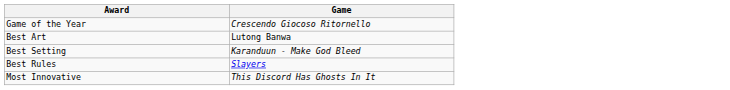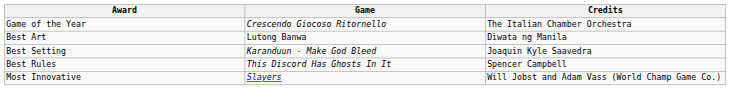 <table class="wikitable sortable" style="margins:auto; width=95%; font-size: 95%;">
 <tr>
 <th width="33%">Award</th>
 <th width="33%">Game</th>
+<th width="33%">Credits</th>
 </tr>
 <tr>
 <td>Game of the Year</td>
 <td><em>Crescendo Giocoso Ritornello</em></td>
+<td>The Italian Chamber Orchestra</td>
 </tr>
 <tr>
 <td>Best Art</td>
 <td>Lutong Banwa</td>
+<td>Diwata ng Manila</td>
 </tr>
 <tr>
 <td>Best Setting</td>
 <td><em>Karanduun - Make God Bleed</em></td>
+<td>Joaquin Kyle Saavedra</td>
 </tr>
 <tr>
 <td>Best Rules</td>
-<td><em><a href='#'>Slayers</a></em></td>
+<td><em>This Discord Has Ghosts In It</em></td>
+<td>Spencer Campbell</td>
 </tr>
 <tr>
 <td>Most Innovative</td>
-<td><em>This Discord Has Ghosts In It</em></td>
+<td><em><a href='#'>Slayers</a></em></td>
+<td>Will Jobst and Adam Vass (World Champ Game Co.)</td>
 </tr>
 </table>
